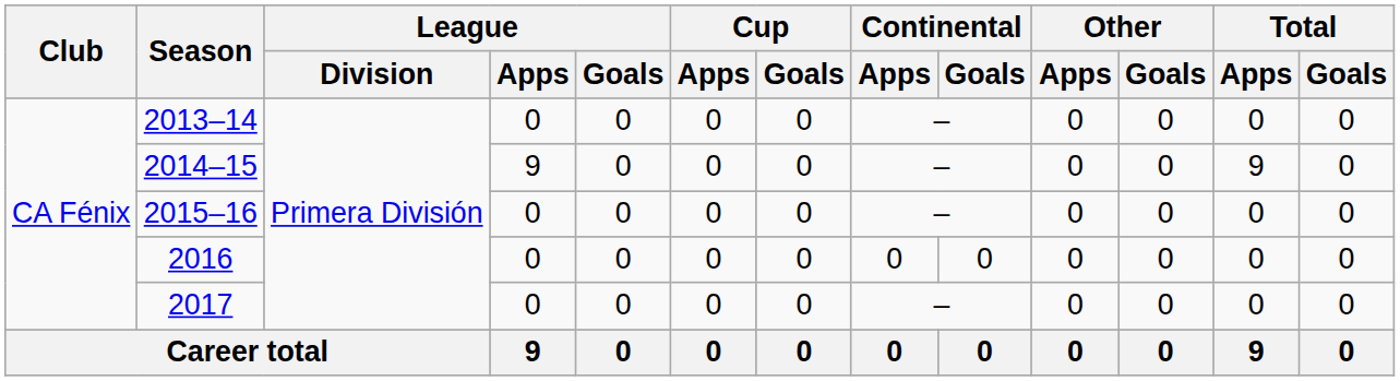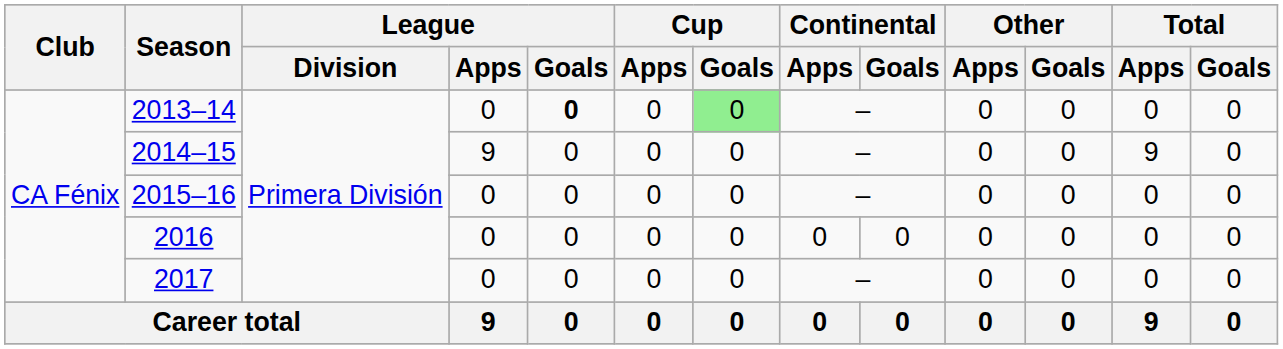 <table class="wikitable" style="text-align: center">
 <tr>
 <th rowspan="2">Club</th>
 <th rowspan="2">Season</th>
 <th colspan="3">League</th>
 <th colspan="2">Cup</th>
 <th colspan="2">Continental</th>
 <th colspan="2">Other</th>
 <th colspan="2">Total</th>
 </tr>
 <tr>
 <th>Division</th>
 <th>Apps</th>
 <th>Goals</th>
 <th>Apps</th>
 <th>Goals</th>
 <th>Apps</th>
 <th>Goals</th>
 <th>Apps</th>
 <th>Goals</th>
 <th>Apps</th>
 <th>Goals</th>
 </tr>
 <tr>
 <td rowspan="5"><a href='#'>CA Fénix</a></td>
 <td><a href='#'>2013–14</a></td>
 <td rowspan="5"><a href='#'>Primera División</a></td>
 <td>0</td>
+<td><strong>0</strong></td>
 <td>0</td>
-<td>0</td>
-<td>0</td>
+<td style="background: lightgreen;">0</td>
 <td colspan="2">–</td>
 <td>0</td>
 <td>0</td>
 <td>0</td>
 <td>0</td>
 </tr>
 <tr>
 <td><a href='#'>2014–15</a></td>
 <td>9</td>
 <td>0</td>
 <td>0</td>
 <td>0</td>
 <td colspan="2">–</td>
 <td>0</td>
 <td>0</td>
 <td>9</td>
 <td>0</td>
 </tr>
 <tr>
 <td><a href='#'>2015–16</a></td>
 <td>0</td>
 <td>0</td>
 <td>0</td>
 <td>0</td>
 <td colspan="2">–</td>
 <td>0</td>
 <td>0</td>
 <td>0</td>
 <td>0</td>
 </tr>
 <tr>
 <td><a href='#'>2016</a></td>
 <td>0</td>
 <td>0</td>
 <td>0</td>
 <td>0</td>
 <td>0</td>
 <td>0</td>
 <td>0</td>
 <td>0</td>
 <td>0</td>
 <td>0</td>
 </tr>
 <tr>
 <td><a href='#'>2017</a></td>
 <td>0</td>
 <td>0</td>
 <td>0</td>
 <td>0</td>
 <td colspan="2">–</td>
 <td>0</td>
 <td>0</td>
 <td>0</td>
 <td>0</td>
 </tr>
 <tr>
 <th colspan="3"><strong>Career total</strong></th>
 <th>9</th>
 <th>0</th>
 <th>0</th>
 <th>0</th>
 <th>0</th>
 <th>0</th>
 <th>0</th>
 <th>0</th>
 <th>9</th>
 <th>0</th>
 </tr>
 </table>
